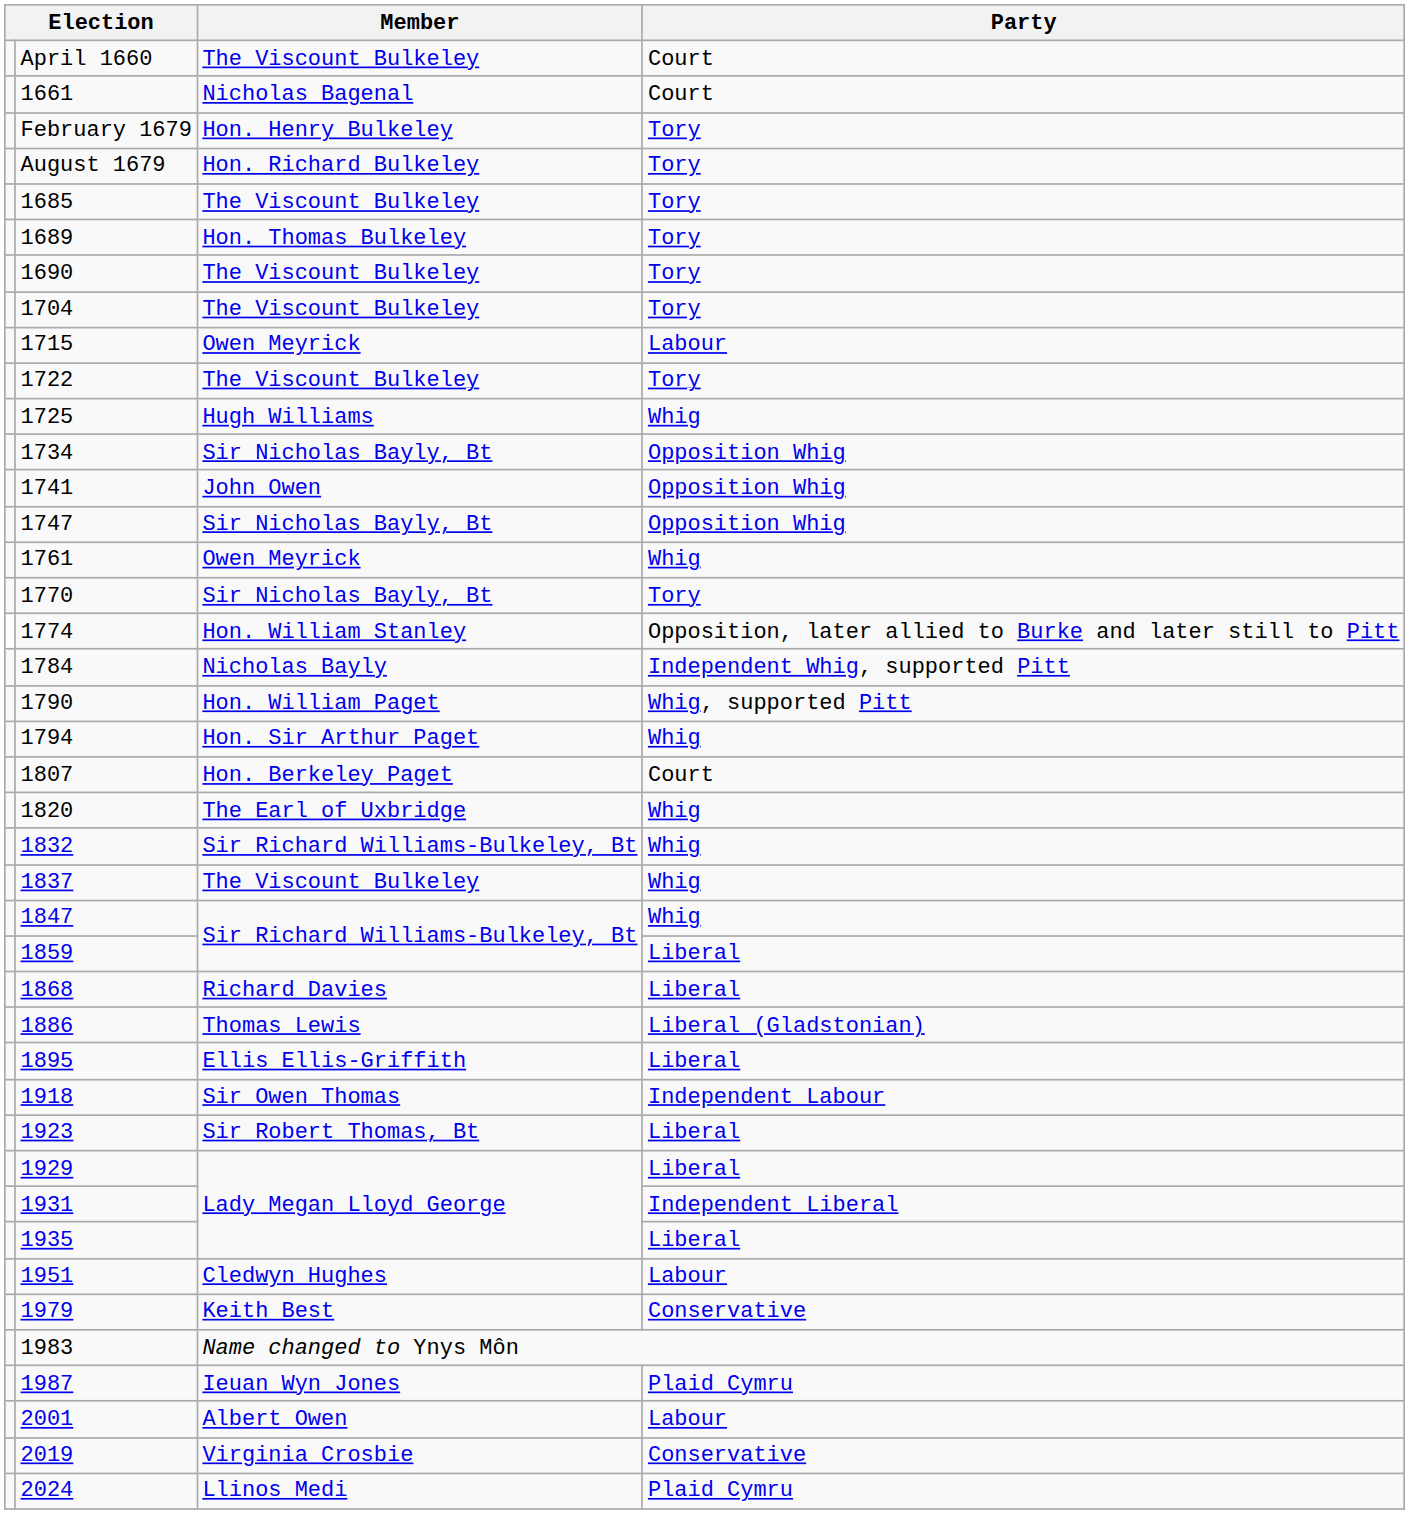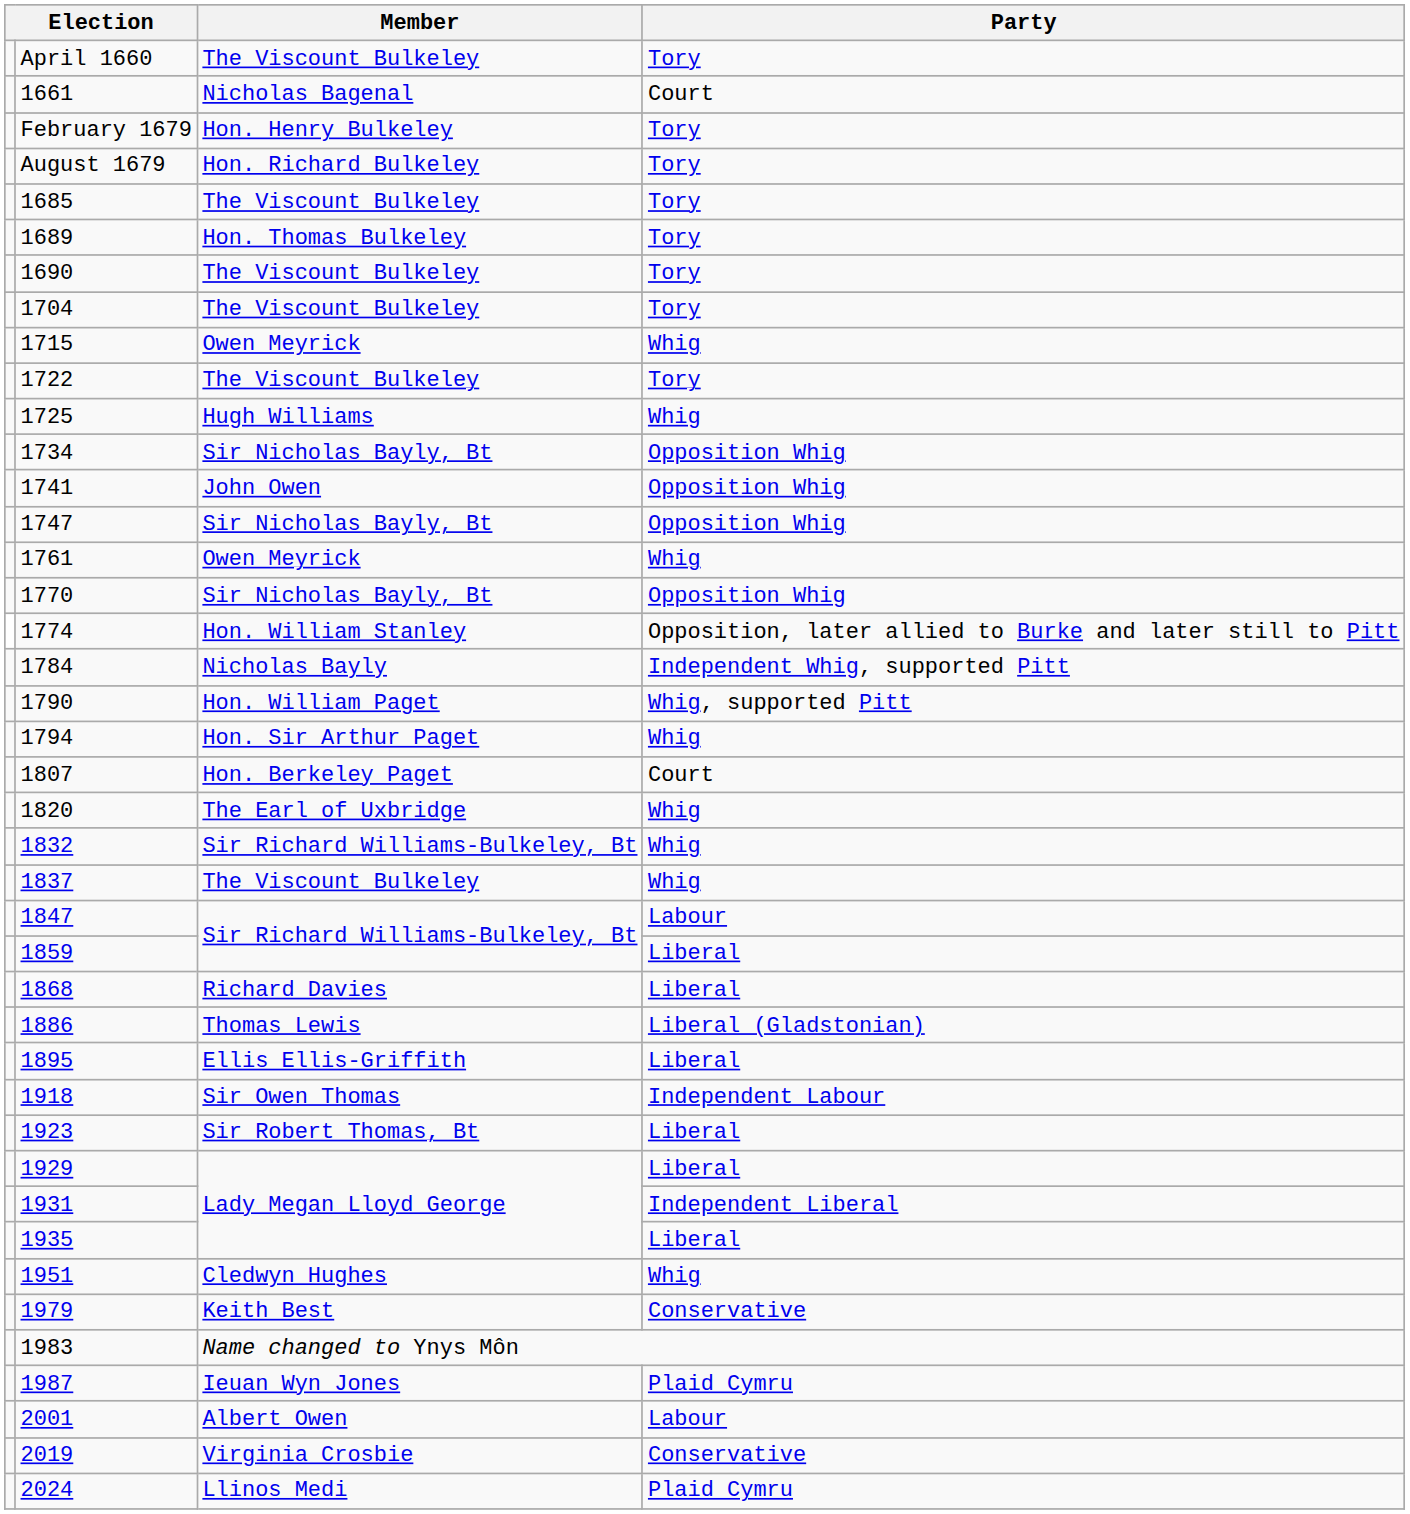 <table class="wikitable">
 <tr>
 <th colspan="2">Election</th>
 <th>Member</th>
 <th>Party</th>
 </tr>
 <tr>
 <td></td>
 <td>April 1660</td>
 <td><a href='#'>The Viscount Bulkeley</a></td>
-<td>Court</td>
+<td><a href='#'>Tory</a></td>
 </tr>
 <tr>
 <td></td>
 <td>1661</td>
 <td><a href='#'>Nicholas Bagenal</a></td>
 <td>Court</td>
 </tr>
 <tr>
 <td style="color:inherit;background-color: "></td>
 <td>February 1679</td>
 <td><a href='#'>Hon. Henry Bulkeley</a></td>
 <td><a href='#'>Tory</a></td>
 </tr>
 <tr>
 <td style="color:inherit;background-color: "></td>
 <td>August 1679</td>
 <td><a href='#'>Hon. Richard Bulkeley</a></td>
 <td><a href='#'>Tory</a></td>
 </tr>
 <tr>
 <td style="color:inherit;background-color: "></td>
 <td>1685</td>
 <td><a href='#'>The Viscount Bulkeley</a></td>
 <td><a href='#'>Tory</a></td>
 </tr>
 <tr>
 <td style="color:inherit;background-color: "></td>
 <td>1689</td>
 <td><a href='#'>Hon. Thomas Bulkeley</a></td>
 <td><a href='#'>Tory</a></td>
 </tr>
 <tr>
 <td style="color:inherit;background-color: "></td>
 <td>1690</td>
 <td><a href='#'>The Viscount Bulkeley</a></td>
 <td><a href='#'>Tory</a></td>
 </tr>
 <tr>
 <td style="color:inherit;background-color: "></td>
 <td>1704</td>
 <td><a href='#'>The Viscount Bulkeley</a></td>
 <td><a href='#'>Tory</a></td>
 </tr>
 <tr>
 <td style="color:inherit;background-color: "></td>
 <td>1715</td>
 <td><a href='#'>Owen Meyrick</a></td>
-<td><a href='#'>Labour</a></td>
+<td><a href='#'>Whig</a></td>
 </tr>
 <tr>
 <td style="color:inherit;background-color: "></td>
 <td>1722</td>
 <td><a href='#'>The Viscount Bulkeley</a></td>
 <td><a href='#'>Tory</a></td>
 </tr>
 <tr>
 <td style="color:inherit;background-color: "></td>
 <td>1725</td>
 <td><a href='#'>Hugh Williams</a></td>
 <td><a href='#'>Whig</a></td>
 </tr>
 <tr>
 <td style="color:inherit;background-color: "></td>
 <td>1734</td>
 <td><a href='#'>Sir Nicholas Bayly, Bt</a></td>
 <td><a href='#'>Opposition Whig</a></td>
 </tr>
 <tr>
 <td style="color:inherit;background-color: "></td>
 <td>1741</td>
 <td><a href='#'>John Owen</a></td>
 <td><a href='#'>Opposition Whig</a></td>
 </tr>
 <tr>
 <td style="color:inherit;background-color: "></td>
 <td>1747</td>
 <td><a href='#'>Sir Nicholas Bayly, Bt</a></td>
 <td><a href='#'>Opposition Whig</a></td>
 </tr>
 <tr>
 <td style="color:inherit;background-color: "></td>
 <td>1761</td>
 <td><a href='#'>Owen Meyrick</a></td>
 <td><a href='#'>Whig</a></td>
 </tr>
 <tr>
 <td style="color:inherit;background-color: "></td>
 <td>1770</td>
 <td><a href='#'>Sir Nicholas Bayly, Bt</a></td>
-<td><a href='#'>Tory</a></td>
+<td><a href='#'>Opposition Whig</a></td>
 </tr>
 <tr>
 <td style="color:inherit;background-color: white"></td>
 <td>1774</td>
 <td><a href='#'>Hon. William Stanley</a></td>
 <td>Opposition, later allied to <a href='#'>Burke</a> and later still to <a href='#'>Pitt</a></td>
 </tr>
 <tr>
 <td style="color:inherit;background-color: "></td>
 <td>1784</td>
 <td><a href='#'>Nicholas Bayly</a></td>
 <td><a href='#'>Independent Whig</a>, supported <a href='#'>Pitt</a></td>
 </tr>
 <tr>
 <td style="color:inherit;background-color: "></td>
 <td>1790</td>
 <td><a href='#'>Hon. William Paget</a></td>
 <td><a href='#'>Whig</a>, supported <a href='#'>Pitt</a></td>
 </tr>
 <tr>
 <td style="color:inherit;background-color: "></td>
 <td>1794</td>
 <td><a href='#'>Hon. Sir Arthur Paget</a></td>
 <td><a href='#'>Whig</a></td>
 </tr>
 <tr>
 <td style="color:inherit;background-color: "></td>
 <td>1807</td>
 <td><a href='#'>Hon. Berkeley Paget</a></td>
 <td>Court</td>
 </tr>
 <tr>
 <td style="color:inherit;background-color: "></td>
 <td>1820</td>
 <td><a href='#'>The Earl of Uxbridge</a></td>
 <td><a href='#'>Whig</a></td>
 </tr>
 <tr>
 <td style="color:inherit;background-color: "></td>
 <td><a href='#'>1832</a></td>
 <td><a href='#'>Sir Richard Williams-Bulkeley, Bt</a></td>
 <td><a href='#'>Whig</a></td>
 </tr>
 <tr>
 <td style="color:inherit;background-color: "></td>
 <td><a href='#'>1837</a></td>
 <td><a href='#'>The Viscount Bulkeley</a></td>
 <td><a href='#'>Whig</a></td>
 </tr>
 <tr>
 <td style="color:inherit;background-color: "></td>
 <td><a href='#'>1847</a></td>
 <td rowspan="2"><a href='#'>Sir Richard Williams-Bulkeley, Bt</a></td>
-<td><a href='#'>Whig</a></td>
+<td><a href='#'>Labour</a></td>
 </tr>
 <tr>
 <td style="color:inherit;background-color: "></td>
 <td><a href='#'>1859</a></td>
 <td><a href='#'>Liberal</a></td>
 </tr>
 <tr>
 <td style="color:inherit;background-color: "></td>
 <td><a href='#'>1868</a></td>
 <td><a href='#'>Richard Davies</a></td>
 <td><a href='#'>Liberal</a></td>
 </tr>
 <tr>
 <td style="color:inherit;background-color: "></td>
 <td><a href='#'>1886</a></td>
 <td><a href='#'>Thomas Lewis</a></td>
 <td><a href='#'>Liberal (Gladstonian)</a></td>
 </tr>
 <tr>
 <td style="color:inherit;background-color: "></td>
 <td><a href='#'>1895</a></td>
 <td><a href='#'>Ellis Ellis-Griffith</a></td>
 <td><a href='#'>Liberal</a></td>
 </tr>
 <tr>
 <td style="color:inherit;background-color: "></td>
 <td><a href='#'>1918</a></td>
 <td><a href='#'>Sir Owen Thomas</a></td>
 <td><a href='#'>Independent Labour</a></td>
 </tr>
 <tr>
 <td style="color:inherit;background-color: "></td>
 <td><a href='#'>1923</a></td>
 <td><a href='#'>Sir Robert Thomas, Bt</a></td>
 <td><a href='#'>Liberal</a></td>
 </tr>
 <tr>
 <td style="color:inherit;background-color: "></td>
 <td><a href='#'>1929</a></td>
 <td rowspan=3><a href='#'>Lady Megan Lloyd George</a></td>
 <td><a href='#'>Liberal</a></td>
 </tr>
 <tr>
 <td style="color:inherit;background-color: "></td>
 <td><a href='#'>1931</a></td>
 <td><a href='#'>Independent Liberal</a></td>
 </tr>
 <tr>
 <td style="color:inherit;background-color: "></td>
 <td><a href='#'>1935</a></td>
 <td><a href='#'>Liberal</a></td>
 </tr>
 <tr>
 <td style="color:inherit;background-color: "></td>
 <td><a href='#'>1951</a></td>
 <td><a href='#'>Cledwyn Hughes</a></td>
-<td><a href='#'>Labour</a></td>
+<td><a href='#'>Whig</a></td>
 </tr>
 <tr>
 <td style="color:inherit;background-color: "></td>
 <td><a href='#'>1979</a></td>
 <td><a href='#'>Keith Best</a></td>
 <td><a href='#'>Conservative</a></td>
 </tr>
 <tr>
 <td></td>
 <td>1983</td>
 <td colspan=2><em>Name changed to</em> Ynys Môn</td>
 </tr>
 <tr>
 <td style="color:inherit;background-color: "></td>
 <td><a href='#'>1987</a></td>
 <td><a href='#'>Ieuan Wyn Jones</a></td>
 <td><a href='#'>Plaid Cymru</a></td>
 </tr>
 <tr>
 <td style="color:inherit;background-color: "></td>
 <td><a href='#'>2001</a></td>
 <td><a href='#'>Albert Owen</a></td>
 <td><a href='#'>Labour</a></td>
 </tr>
 <tr>
 <td style="color:inherit;background-color: "></td>
 <td><a href='#'>2019</a></td>
 <td><a href='#'>Virginia Crosbie</a></td>
 <td><a href='#'>Conservative</a></td>
 </tr>
 <tr>
 <td style="color:inherit;background-color: "></td>
 <td><a href='#'>2024</a></td>
 <td><a href='#'>Llinos Medi</a></td>
 <td><a href='#'>Plaid Cymru</a></td>
 </tr>
 </table>
